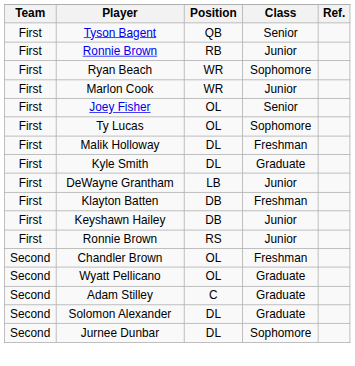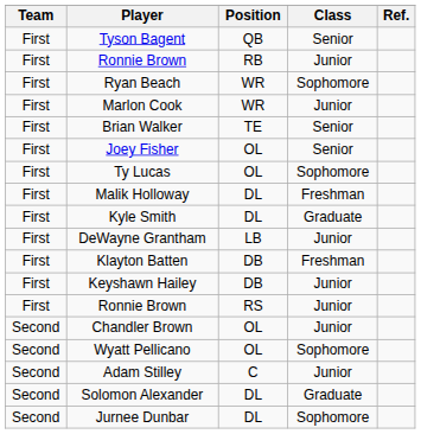 <table class="wikitable" style="width:75%; text-align:center;">
 <tr>
 </tr>
 <tr>
 <th>Team</th>
 <th>Player</th>
 <th>Position</th>
 <th>Class</th>
 <th>Ref.</th>
 </tr>
 <tr>
 <td>First</td>
 <td><a href='#'>Tyson Bagent</a></td>
 <td>QB</td>
 <td>Senior</td>
 <td></td>
 </tr>
 <tr>
 <td>First</td>
 <td><a href='#'>Ronnie Brown</a></td>
 <td>RB</td>
 <td>Junior</td>
 <td></td>
 </tr>
 <tr>
 <td>First</td>
 <td>Ryan Beach</td>
 <td>WR</td>
 <td>Sophomore</td>
 <td></td>
 </tr>
 <tr>
 <td>First</td>
 <td>Marlon Cook</td>
 <td>WR</td>
 <td>Junior</td>
+<td></td>
+</tr>
+<tr>
+<td>First</td>
+<td>Brian Walker</td>
+<td>TE</td>
+<td>Senior</td>
 <td></td>
 </tr>
 <tr>
 <td>First</td>
 <td><a href='#'>Joey Fisher</a></td>
 <td>OL</td>
 <td>Senior</td>
 <td></td>
 </tr>
 <tr>
 <td>First</td>
 <td>Ty Lucas</td>
 <td>OL</td>
 <td>Sophomore</td>
 <td></td>
 </tr>
 <tr>
 <td>First</td>
 <td>Malik Holloway</td>
 <td>DL</td>
 <td>Freshman</td>
 <td></td>
 </tr>
 <tr>
 <td>First</td>
 <td>Kyle Smith</td>
 <td>DL</td>
 <td>Graduate</td>
 <td></td>
 </tr>
 <tr>
 <td>First</td>
 <td>DeWayne Grantham</td>
 <td>LB</td>
 <td>Junior</td>
 <td></td>
 </tr>
 <tr>
 <td>First</td>
 <td>Klayton Batten</td>
 <td>DB</td>
 <td>Freshman</td>
 <td></td>
 </tr>
 <tr>
 <td>First</td>
 <td>Keyshawn Hailey</td>
 <td>DB</td>
 <td>Junior</td>
 <td></td>
 </tr>
 <tr>
 <td>First</td>
 <td>Ronnie Brown</td>
 <td>RS</td>
 <td>Junior</td>
 <td></td>
 </tr>
 <tr>
 <td>Second</td>
 <td>Chandler Brown</td>
 <td>OL</td>
-<td>Freshman</td>
+<td>Junior</td>
 <td></td>
 </tr>
 <tr>
 <td>Second</td>
 <td>Wyatt Pellicano</td>
 <td>OL</td>
-<td>Graduate</td>
+<td>Sophomore</td>
 <td></td>
 </tr>
 <tr>
 <td>Second</td>
 <td>Adam Stilley</td>
 <td>C</td>
-<td>Graduate</td>
+<td>Junior</td>
 <td></td>
 </tr>
 <tr>
 <td>Second</td>
 <td>Solomon Alexander</td>
 <td>DL</td>
 <td>Graduate</td>
 <td></td>
 </tr>
 <tr>
 <td>Second</td>
 <td>Jurnee Dunbar</td>
 <td>DL</td>
 <td>Sophomore</td>
 <td></td>
 </tr>
 </table>
